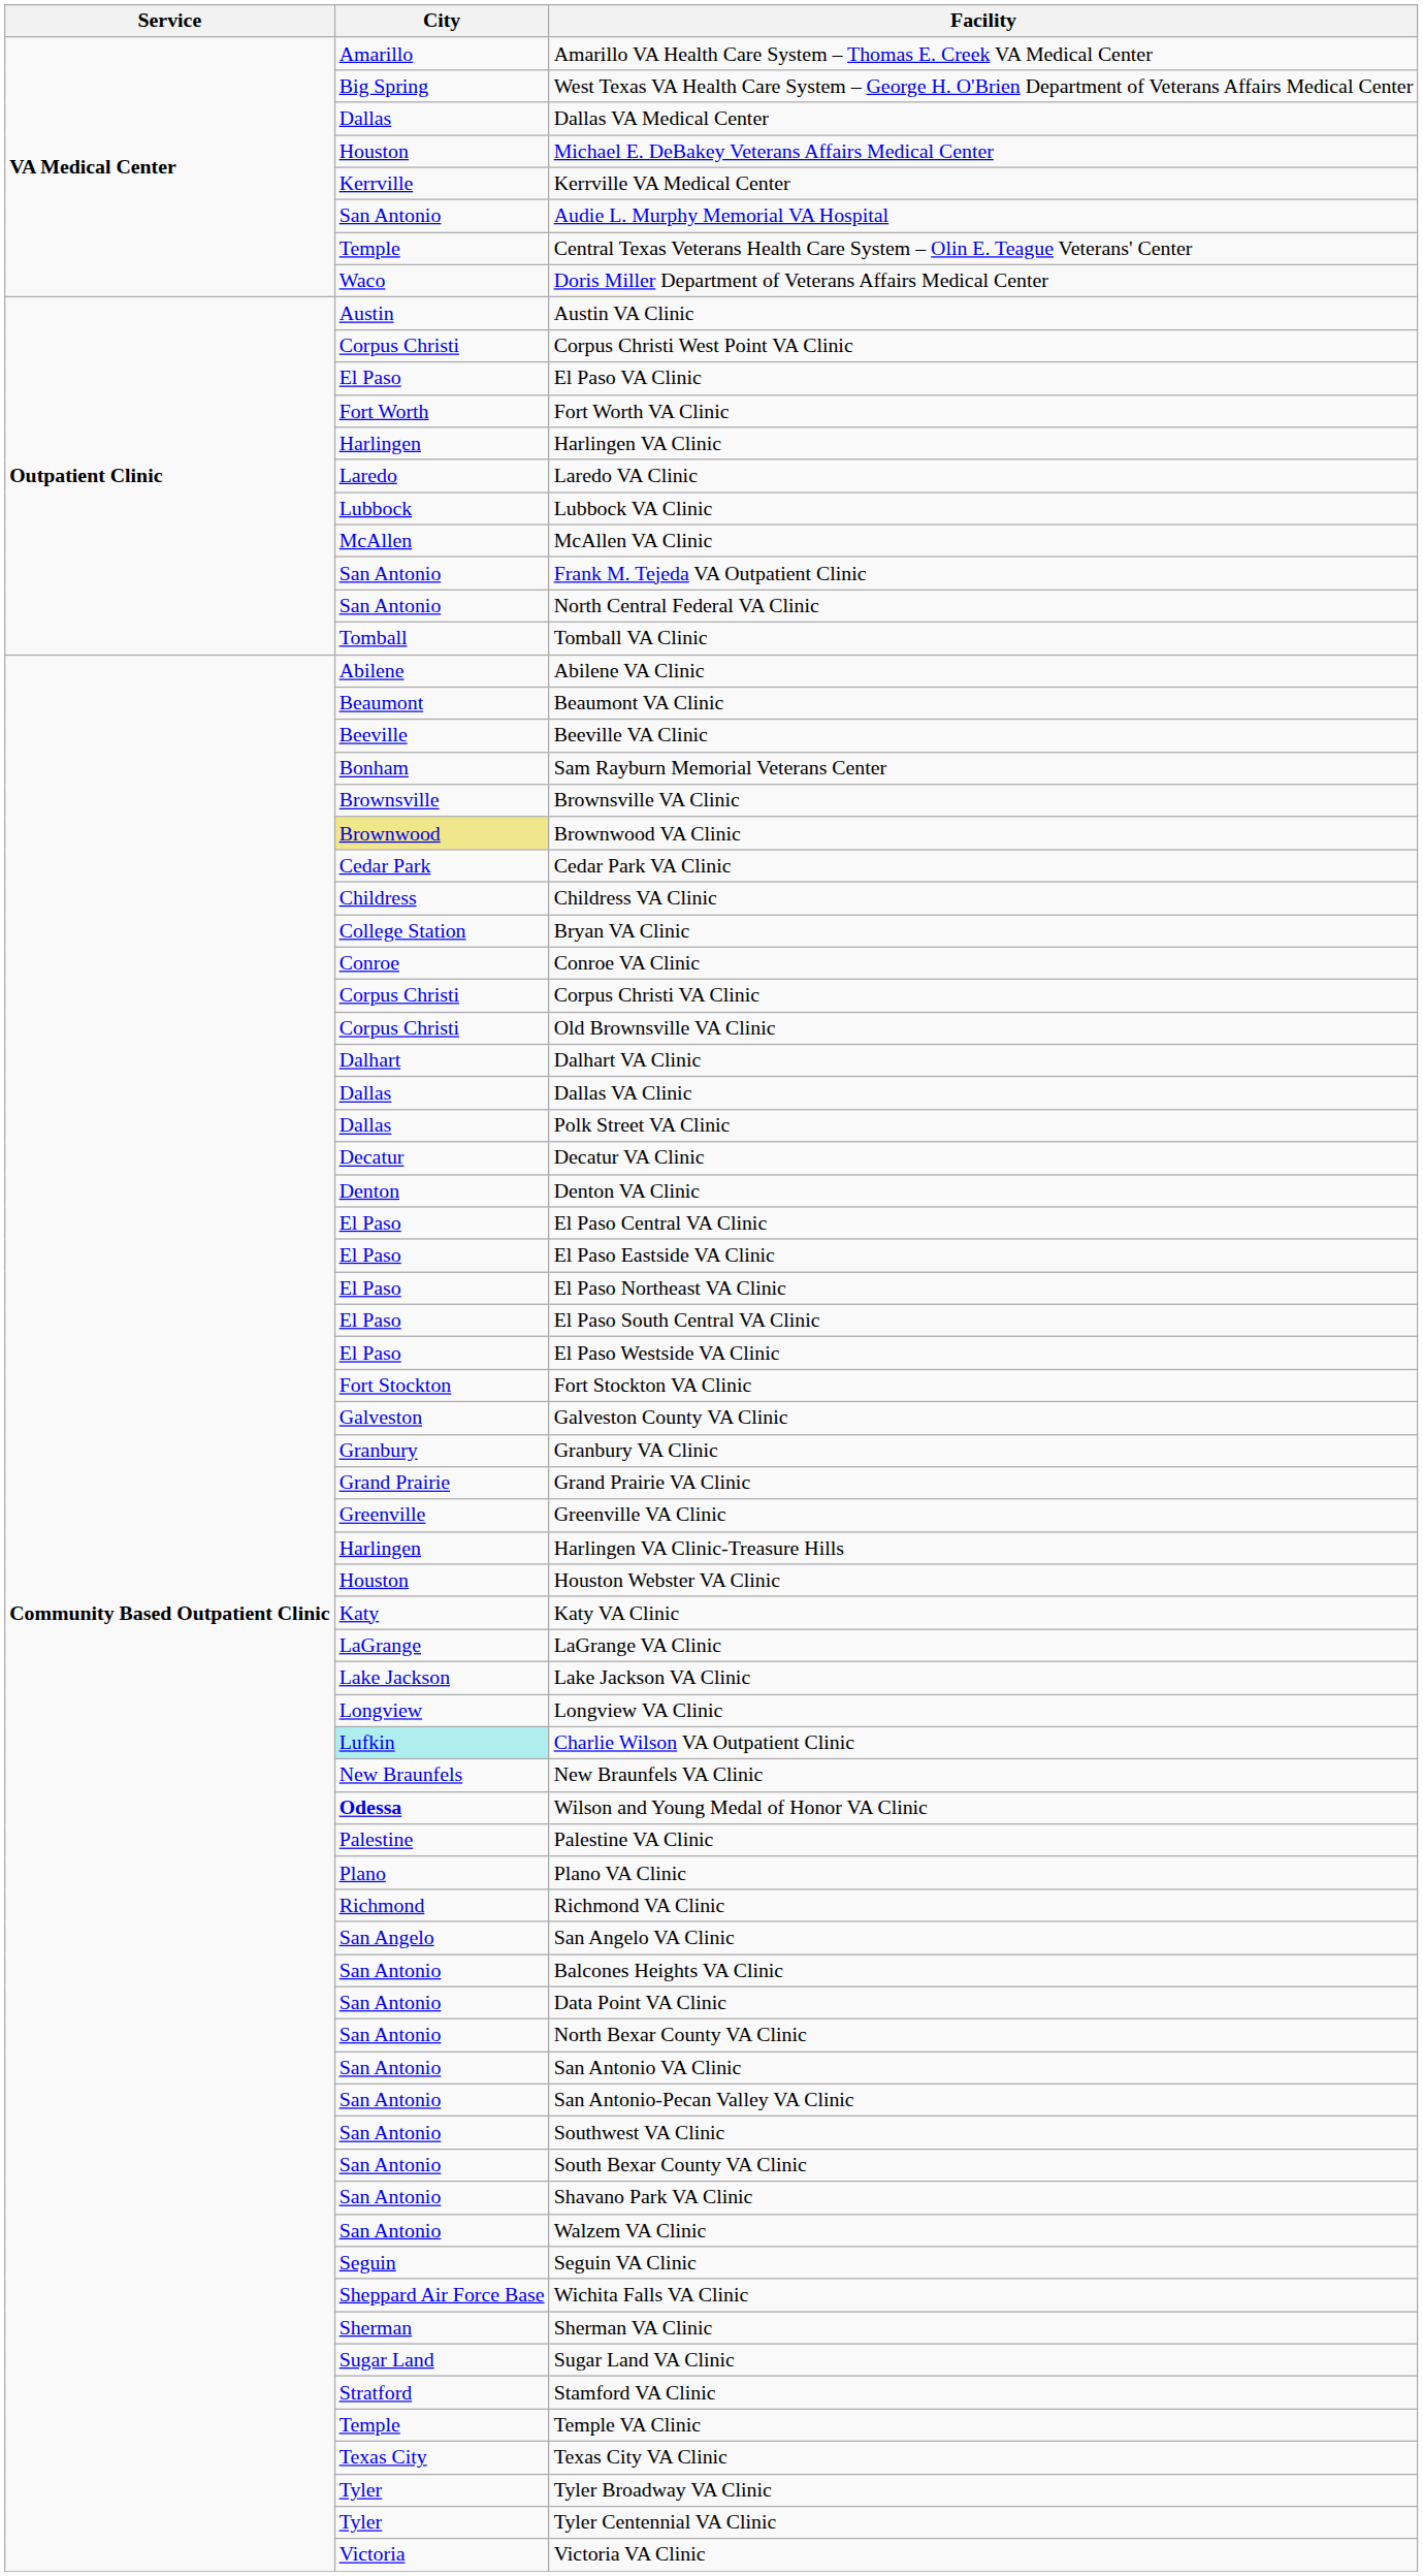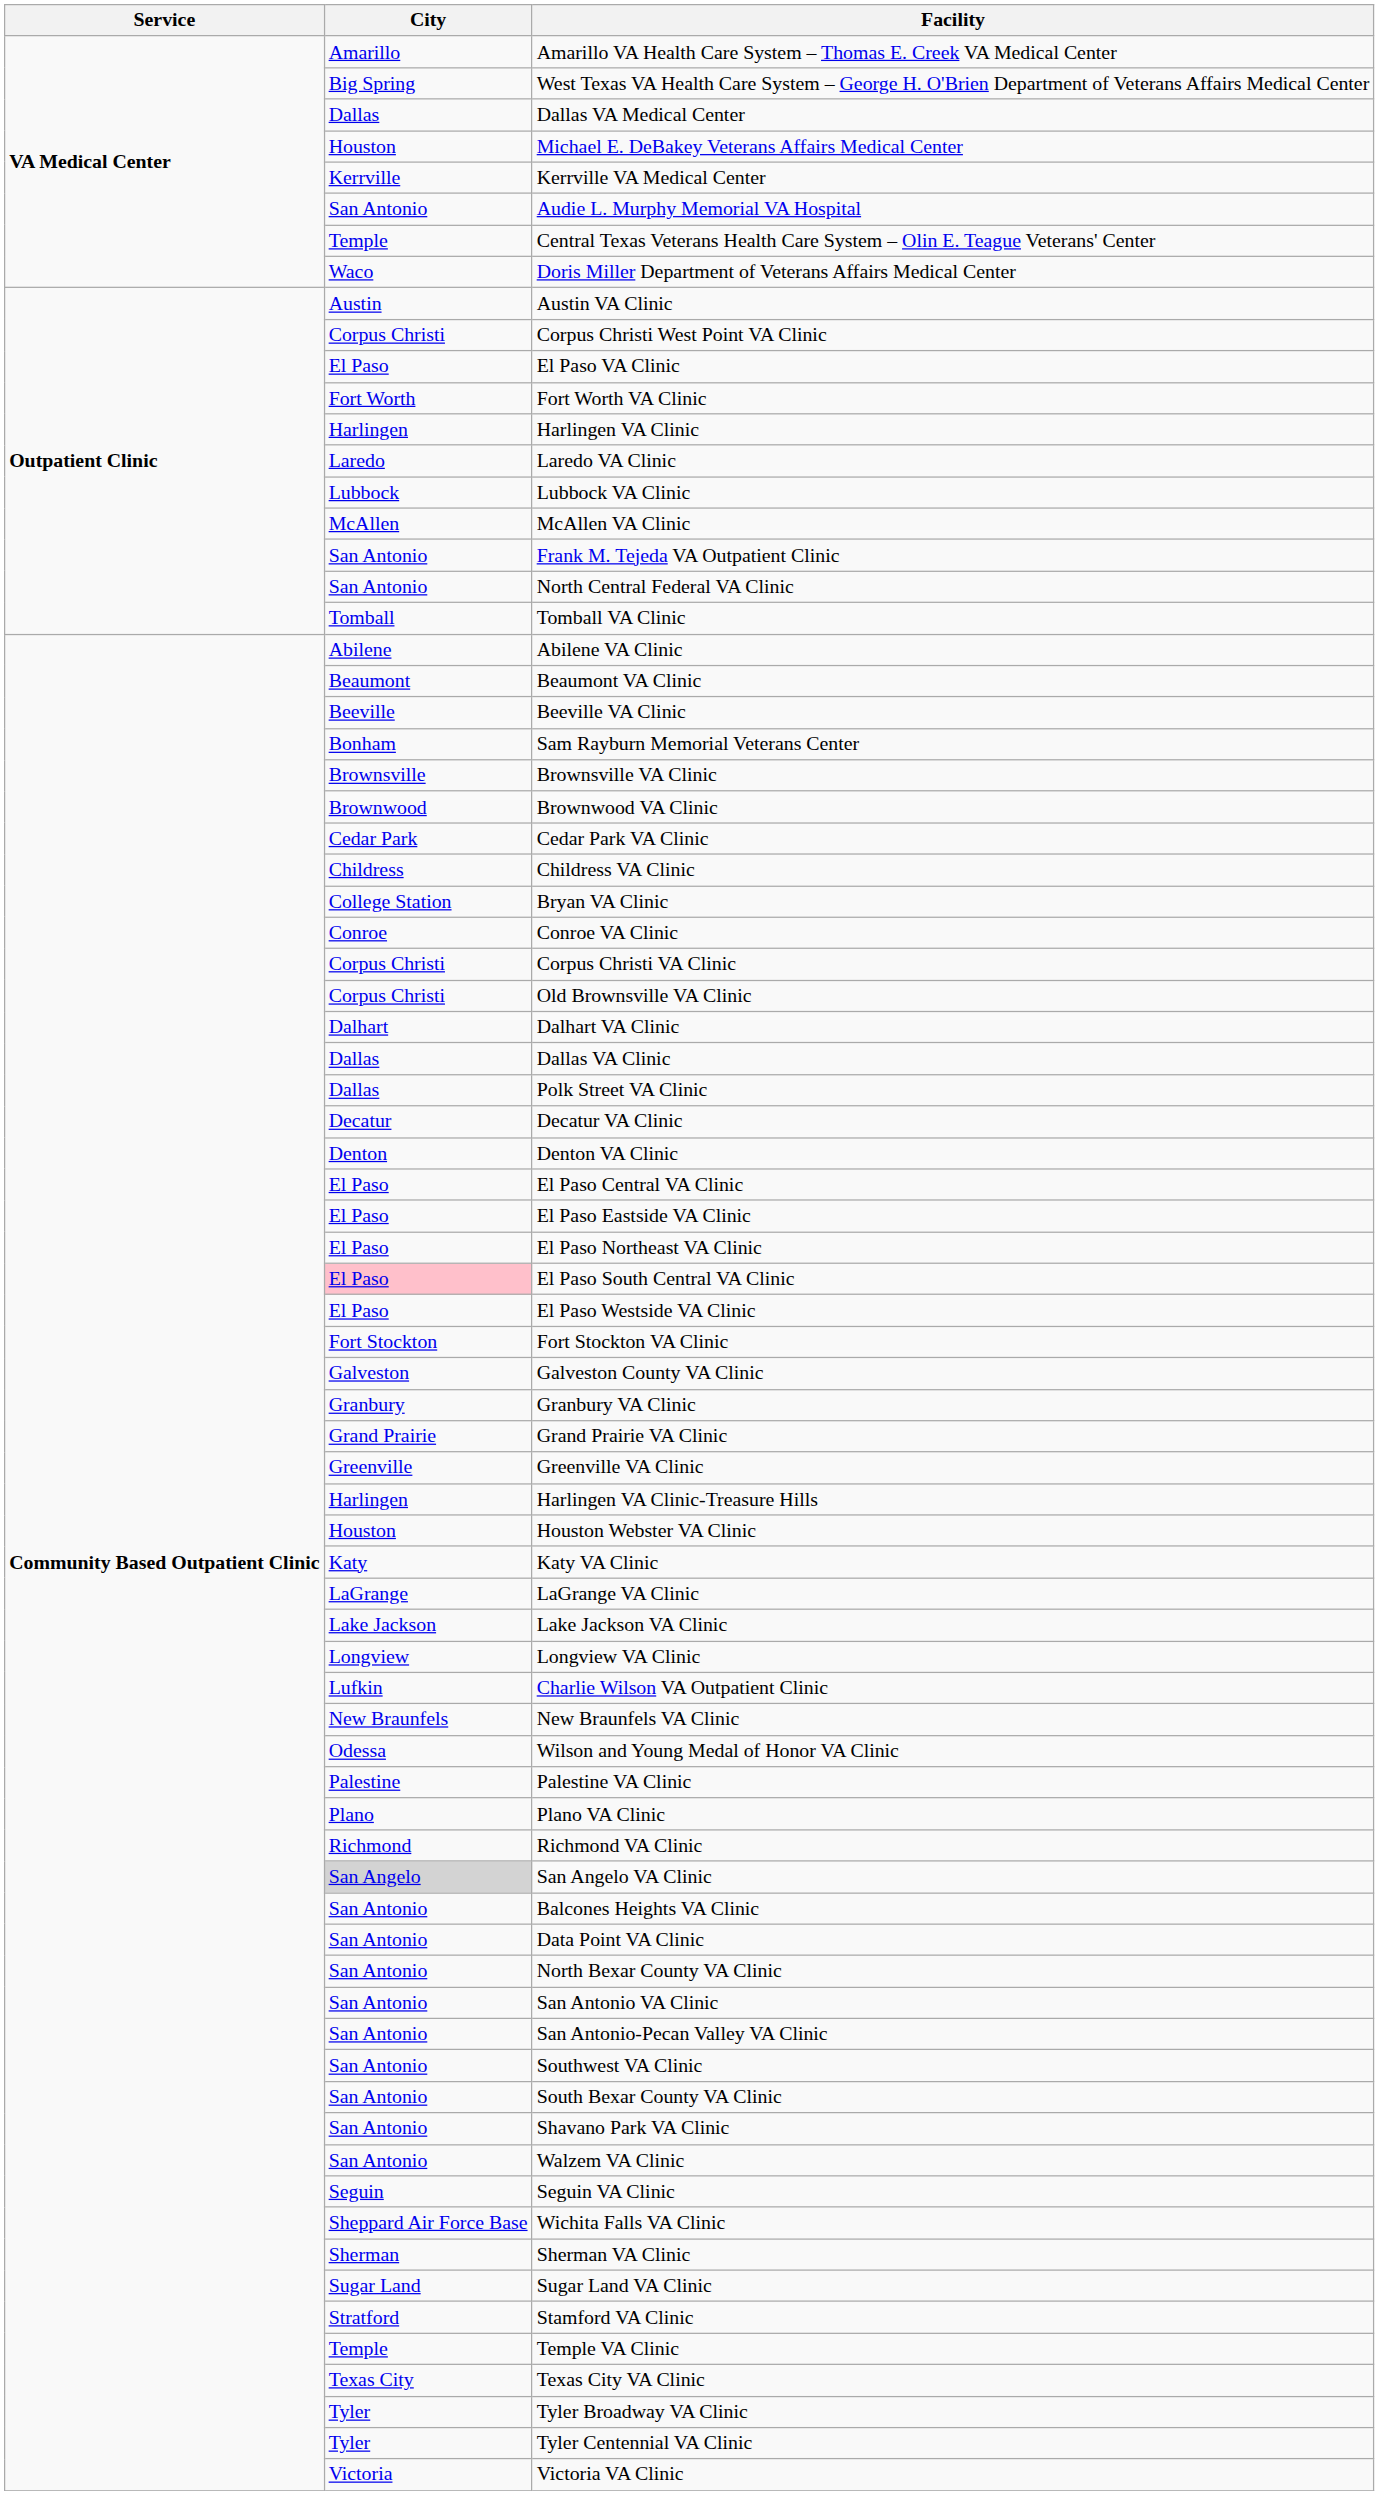 <table class="wikitable">
 <tr>
 <th>Service</th>
 <th>City</th>
 <th>Facility</th>
 </tr>
 <tr>
 <td rowspan=8><strong>VA Medical Center</strong></td>
 <td><a href='#'>Amarillo</a></td>
 <td>Amarillo VA Health Care System – <a href='#'>Thomas E. Creek</a> VA Medical Center</td>
 </tr>
 <tr>
 <td><a href='#'>Big Spring</a></td>
 <td>West Texas VA Health Care System – <a href='#'>George H. O'Brien</a> Department of Veterans Affairs Medical Center</td>
 </tr>
 <tr>
 <td><a href='#'>Dallas</a></td>
 <td>Dallas VA Medical Center</td>
 </tr>
 <tr>
 <td><a href='#'>Houston</a></td>
 <td><a href='#'>Michael E. DeBakey Veterans Affairs Medical Center</a></td>
 </tr>
 <tr>
 <td><a href='#'>Kerrville</a></td>
 <td>Kerrville VA Medical Center</td>
 </tr>
 <tr>
 <td><a href='#'>San Antonio</a></td>
 <td><a href='#'>Audie L. Murphy Memorial VA Hospital</a></td>
 </tr>
 <tr>
 <td><a href='#'>Temple</a></td>
 <td>Central Texas Veterans Health Care System – <a href='#'>Olin E. Teague</a> Veterans' Center</td>
 </tr>
 <tr>
 <td><a href='#'>Waco</a></td>
 <td><a href='#'>Doris Miller</a> Department of Veterans Affairs Medical Center</td>
 </tr>
 <tr>
 <td rowspan=11><strong>Outpatient Clinic</strong></td>
 <td><a href='#'>Austin</a></td>
 <td>Austin VA Clinic</td>
 </tr>
 <tr>
 <td><a href='#'>Corpus Christi</a></td>
 <td>Corpus Christi West Point VA Clinic</td>
 </tr>
 <tr>
 <td><a href='#'>El Paso</a></td>
 <td>El Paso VA Clinic</td>
 </tr>
 <tr>
 <td><a href='#'>Fort Worth</a></td>
 <td>Fort Worth VA Clinic</td>
 </tr>
 <tr>
 <td><a href='#'>Harlingen</a></td>
 <td>Harlingen VA Clinic</td>
 </tr>
 <tr>
 <td><a href='#'>Laredo</a></td>
 <td>Laredo VA Clinic</td>
 </tr>
 <tr>
 <td><a href='#'>Lubbock</a></td>
 <td>Lubbock VA Clinic</td>
 </tr>
 <tr>
 <td><a href='#'>McAllen</a></td>
 <td>McAllen VA Clinic</td>
 </tr>
 <tr>
 <td><a href='#'>San Antonio</a></td>
 <td><a href='#'>Frank M. Tejeda</a> VA Outpatient Clinic</td>
 </tr>
 <tr>
 <td><a href='#'>San Antonio</a></td>
 <td>North Central Federal VA Clinic</td>
 </tr>
 <tr>
 <td><a href='#'>Tomball</a></td>
 <td>Tomball VA Clinic</td>
 </tr>
 <tr>
 <td rowspan=59><strong>Community Based Outpatient Clinic</strong></td>
 <td><a href='#'>Abilene</a></td>
 <td>Abilene VA Clinic</td>
 </tr>
 <tr>
 <td><a href='#'>Beaumont</a></td>
 <td>Beaumont VA Clinic</td>
 </tr>
 <tr>
 <td><a href='#'>Beeville</a></td>
 <td>Beeville VA Clinic</td>
 </tr>
 <tr>
 <td><a href='#'>Bonham</a></td>
 <td>Sam Rayburn Memorial Veterans Center</td>
 </tr>
 <tr>
 <td><a href='#'>Brownsville</a></td>
 <td>Brownsville VA Clinic</td>
 </tr>
 <tr>
-<td style="background: khaki;"><a href='#'>Brownwood</a></td>
+<td><a href='#'>Brownwood</a></td>
 <td>Brownwood VA Clinic</td>
 </tr>
 <tr>
 <td><a href='#'>Cedar Park</a></td>
 <td>Cedar Park VA Clinic</td>
 </tr>
 <tr>
 <td><a href='#'>Childress</a></td>
 <td>Childress VA Clinic</td>
 </tr>
 <tr>
 <td><a href='#'>College Station</a></td>
 <td>Bryan VA Clinic</td>
 </tr>
 <tr>
 <td><a href='#'>Conroe</a></td>
 <td>Conroe VA Clinic</td>
 </tr>
 <tr>
 <td><a href='#'>Corpus Christi</a></td>
 <td>Corpus Christi VA Clinic</td>
 </tr>
 <tr>
 <td><a href='#'>Corpus Christi</a></td>
 <td>Old Brownsville VA Clinic</td>
 </tr>
 <tr>
 <td><a href='#'>Dalhart</a></td>
 <td>Dalhart VA Clinic</td>
 </tr>
 <tr>
 <td><a href='#'>Dallas</a></td>
 <td>Dallas VA Clinic</td>
 </tr>
 <tr>
 <td><a href='#'>Dallas</a></td>
 <td>Polk Street VA Clinic</td>
 </tr>
 <tr>
 <td><a href='#'>Decatur</a></td>
 <td>Decatur VA Clinic</td>
 </tr>
 <tr>
 <td><a href='#'>Denton</a></td>
 <td>Denton VA Clinic</td>
 </tr>
 <tr>
 <td><a href='#'>El Paso</a></td>
 <td>El Paso Central VA Clinic</td>
 </tr>
 <tr>
 <td><a href='#'>El Paso</a></td>
 <td>El Paso Eastside VA Clinic</td>
 </tr>
 <tr>
 <td><a href='#'>El Paso</a></td>
 <td>El Paso Northeast VA Clinic</td>
 </tr>
 <tr>
-<td><a href='#'>El Paso</a></td>
+<td style="background: pink;"><a href='#'>El Paso</a></td>
 <td>El Paso South Central VA Clinic</td>
 </tr>
 <tr>
 <td><a href='#'>El Paso</a></td>
 <td>El Paso Westside VA Clinic</td>
 </tr>
 <tr>
 <td><a href='#'>Fort Stockton</a></td>
 <td>Fort Stockton VA Clinic</td>
 </tr>
 <tr>
 <td><a href='#'>Galveston</a></td>
 <td>Galveston County VA Clinic</td>
 </tr>
 <tr>
 <td><a href='#'>Granbury</a></td>
 <td>Granbury VA Clinic</td>
 </tr>
 <tr>
 <td><a href='#'>Grand Prairie</a></td>
 <td>Grand Prairie VA Clinic</td>
 </tr>
 <tr>
 <td><a href='#'>Greenville</a></td>
 <td>Greenville VA Clinic</td>
 </tr>
 <tr>
 <td><a href='#'>Harlingen</a></td>
 <td>Harlingen VA Clinic-Treasure Hills</td>
 </tr>
 <tr>
 <td><a href='#'>Houston</a></td>
 <td>Houston Webster VA Clinic</td>
 </tr>
 <tr>
 <td><a href='#'>Katy</a></td>
 <td>Katy VA Clinic</td>
 </tr>
 <tr>
 <td><a href='#'>LaGrange</a></td>
 <td>LaGrange VA Clinic</td>
 </tr>
 <tr>
 <td><a href='#'>Lake Jackson</a></td>
 <td>Lake Jackson VA Clinic</td>
 </tr>
 <tr>
 <td><a href='#'>Longview</a></td>
 <td>Longview VA Clinic</td>
 </tr>
 <tr>
-<td style="background: paleturquoise;"><a href='#'>Lufkin</a></td>
+<td><a href='#'>Lufkin</a></td>
 <td><a href='#'>Charlie Wilson</a> VA Outpatient Clinic</td>
 </tr>
 <tr>
 <td><a href='#'>New Braunfels</a></td>
 <td>New Braunfels VA Clinic</td>
 </tr>
 <tr>
-<td><strong><a href='#'>Odessa</a></strong></td>
+<td><a href='#'>Odessa</a></td>
 <td>Wilson and Young Medal of Honor VA Clinic</td>
 </tr>
 <tr>
 <td><a href='#'>Palestine</a></td>
 <td>Palestine VA Clinic</td>
 </tr>
 <tr>
 <td><a href='#'>Plano</a></td>
 <td>Plano VA Clinic</td>
 </tr>
 <tr>
 <td><a href='#'>Richmond</a></td>
 <td>Richmond VA Clinic</td>
 </tr>
 <tr>
-<td><a href='#'>San Angelo</a></td>
+<td style="background: lightgrey;"><a href='#'>San Angelo</a></td>
 <td>San Angelo VA Clinic</td>
 </tr>
 <tr>
 <td><a href='#'>San Antonio</a></td>
 <td>Balcones Heights VA Clinic</td>
 </tr>
 <tr>
 <td><a href='#'>San Antonio</a></td>
 <td>Data Point VA Clinic</td>
 </tr>
 <tr>
 <td><a href='#'>San Antonio</a></td>
 <td>North Bexar County VA Clinic</td>
 </tr>
 <tr>
 <td><a href='#'>San Antonio</a></td>
 <td>San Antonio VA Clinic</td>
 </tr>
 <tr>
 <td><a href='#'>San Antonio</a></td>
 <td>San Antonio-Pecan Valley VA Clinic</td>
 </tr>
 <tr>
 <td><a href='#'>San Antonio</a></td>
 <td>Southwest VA Clinic</td>
 </tr>
 <tr>
 <td><a href='#'>San Antonio</a></td>
 <td>South Bexar County VA Clinic</td>
 </tr>
 <tr>
 <td><a href='#'>San Antonio</a></td>
 <td>Shavano Park VA Clinic</td>
 </tr>
 <tr>
 <td><a href='#'>San Antonio</a></td>
 <td>Walzem VA Clinic</td>
 </tr>
 <tr>
 <td><a href='#'>Seguin</a></td>
 <td>Seguin VA Clinic</td>
 </tr>
 <tr>
 <td><a href='#'>Sheppard Air Force Base</a></td>
 <td>Wichita Falls VA Clinic</td>
 </tr>
 <tr>
 <td><a href='#'>Sherman</a></td>
 <td>Sherman VA Clinic</td>
 </tr>
 <tr>
 <td><a href='#'>Sugar Land</a></td>
 <td>Sugar Land VA Clinic</td>
 </tr>
 <tr>
 <td><a href='#'>Stratford</a></td>
 <td>Stamford VA Clinic</td>
 </tr>
 <tr>
 <td><a href='#'>Temple</a></td>
 <td>Temple VA Clinic</td>
 </tr>
 <tr>
 <td><a href='#'>Texas City</a></td>
 <td>Texas City VA Clinic</td>
 </tr>
 <tr>
 <td><a href='#'>Tyler</a></td>
 <td>Tyler Broadway VA Clinic</td>
 </tr>
 <tr>
 <td><a href='#'>Tyler</a></td>
 <td>Tyler Centennial VA Clinic</td>
 </tr>
 <tr>
 <td><a href='#'>Victoria</a></td>
 <td>Victoria VA Clinic</td>
 </tr>
 </table>
